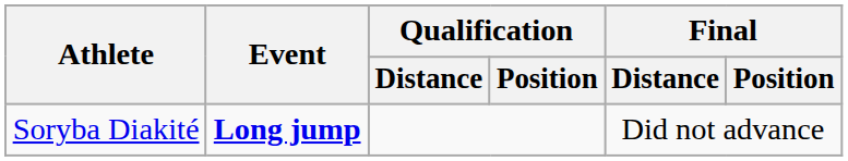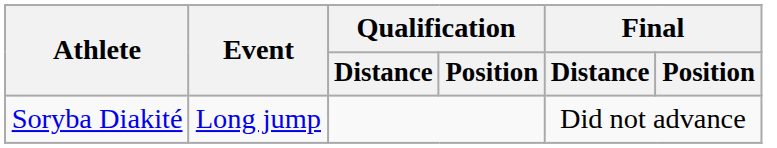 <table class="wikitable" style="font-size:90%">
 <tr>
 <th rowspan="2">Athlete</th>
 <th rowspan="2">Event</th>
 <th colspan="2">Qualification</th>
 <th colspan="2">Final</th>
 </tr>
 <tr style="font-size:95%">
 <th>Distance</th>
 <th>Position</th>
 <th>Distance</th>
 <th>Position</th>
 </tr>
 <tr align=center>
 <td align=left><a href='#'>Soryba Diakité</a></td>
-<td align=left><strong><a href='#'>Long jump</a></strong></td>
+<td align=left><a href='#'>Long jump</a></td>
 <td colspan=2></td>
 <td colspan=2>Did not advance</td>
 </tr>
 </table>
